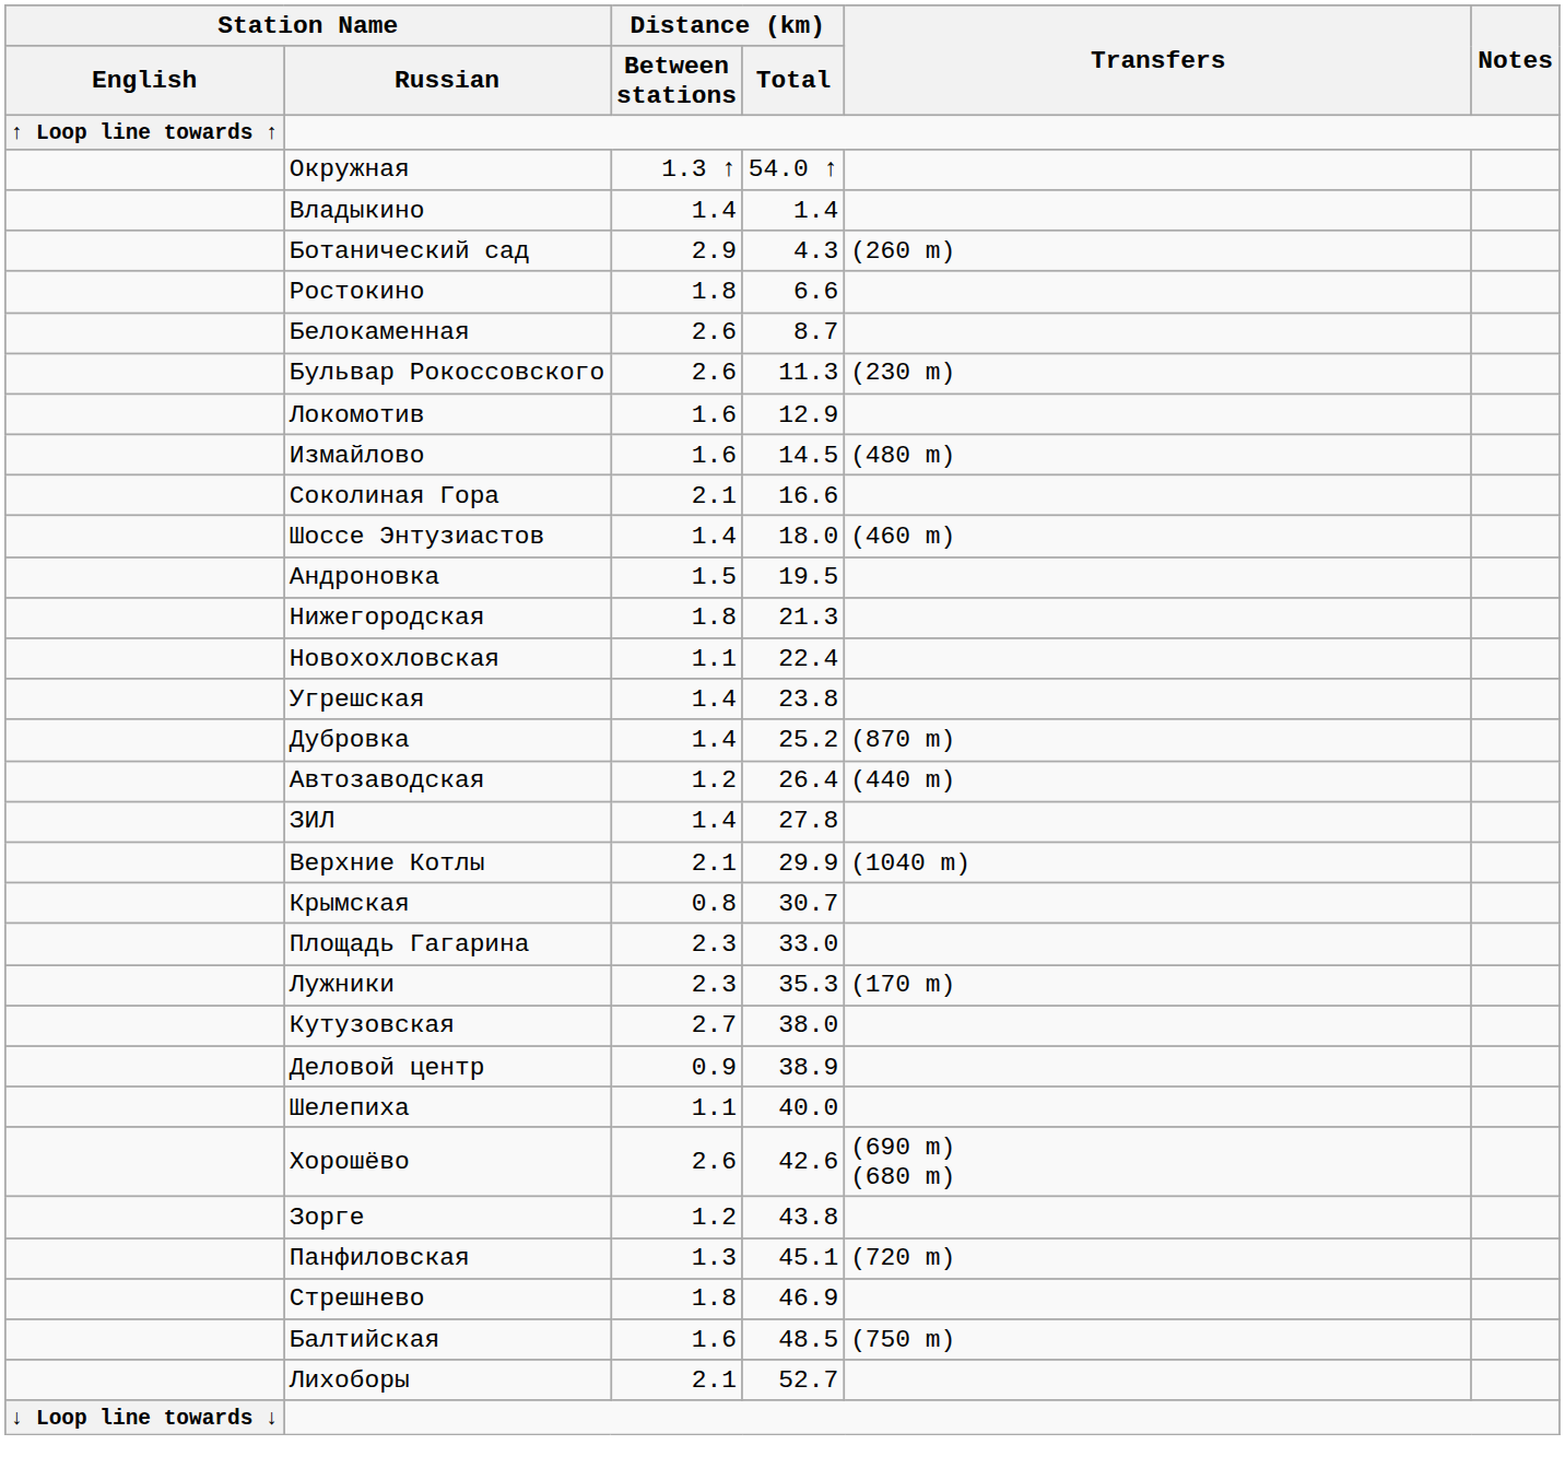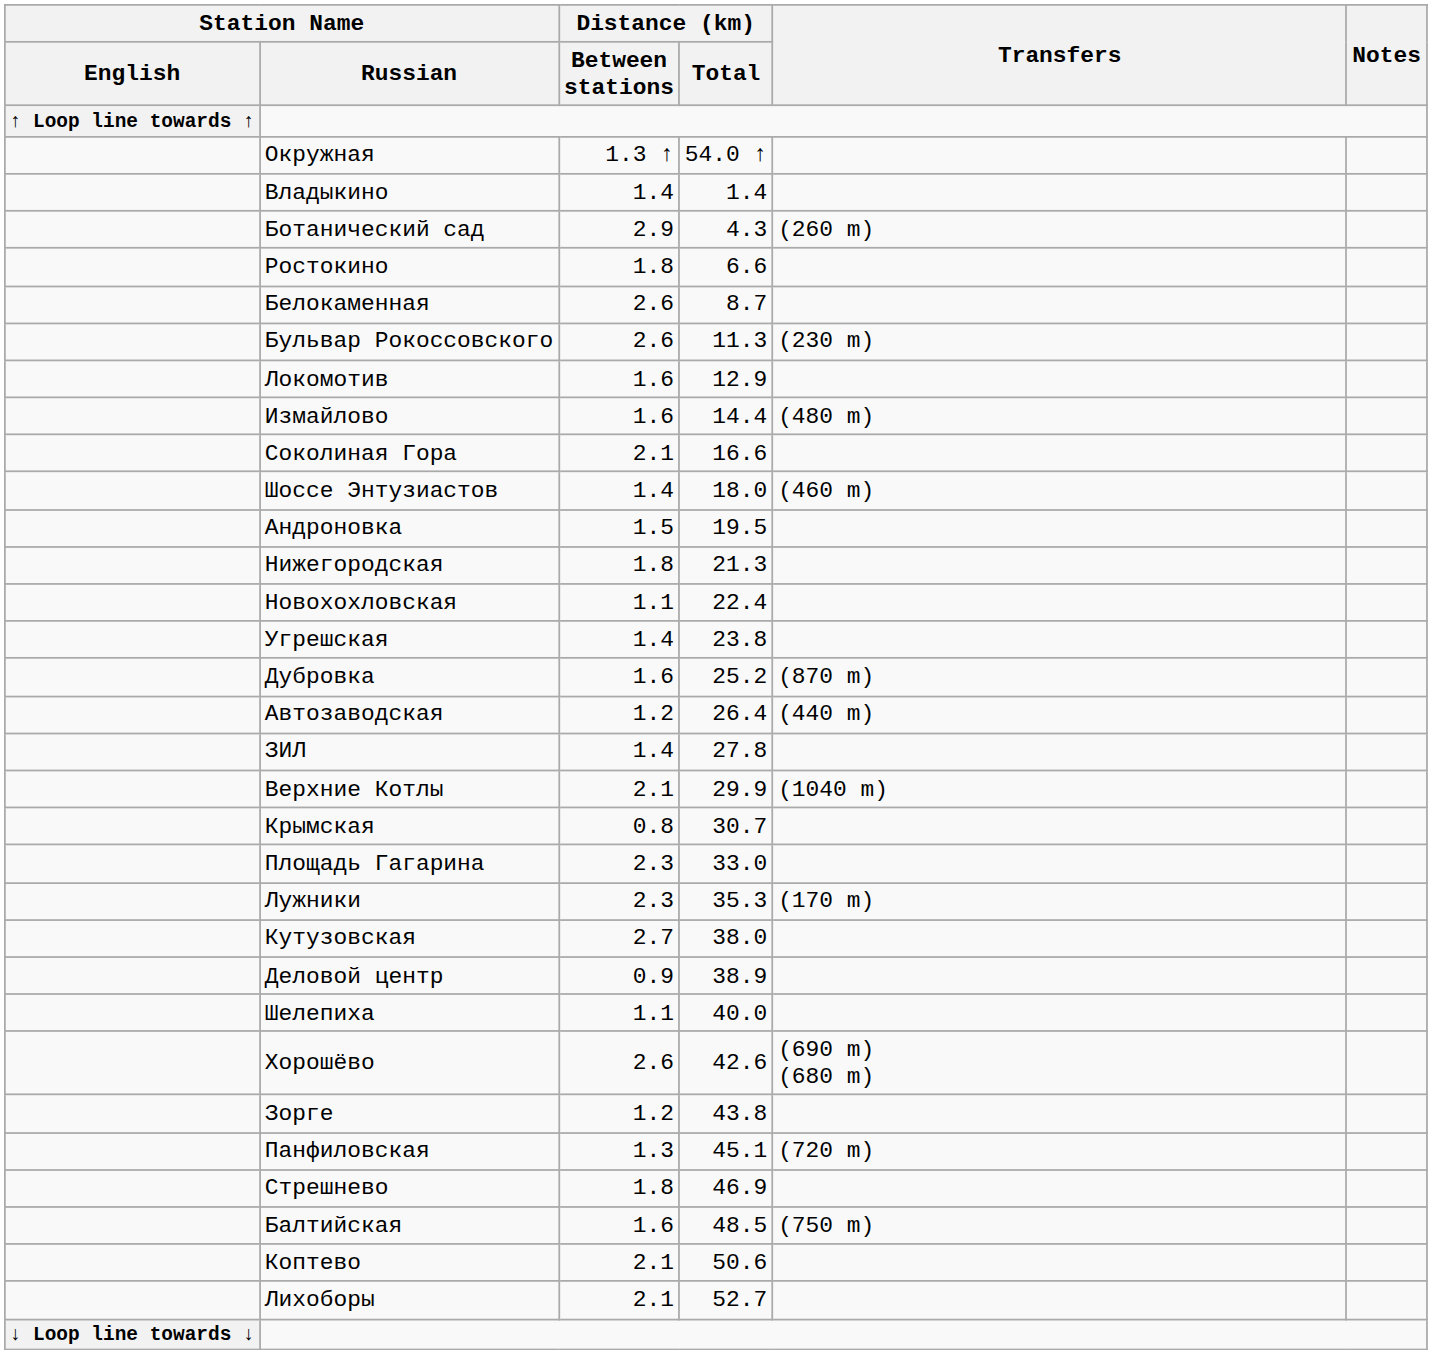 <table class="wikitable">
 <tr>
 <th colspan="2" style="min-width: 165px;">Station Name</th>
 <th colspan=2>Distance (km)</th>
 <th rowspan=2 style="min-width: 320px;">Transfers</th>
 <th rowspan=2 style="max-width: 470px;">Notes</th>
 </tr>
 <tr>
 <th>English</th>
 <th>Russian</th>
 <th>Between<br>stations</th>
 <th>Total</th>
 </tr>
 <tr>
 <th style="font-size:85%; border-top: 4pt #">↑ Loop line towards  ↑</th>
 </tr>
 <tr>
 <td></td>
 <td>Окружная</td>
 <td style="text-align: right;">1.3 ↑</td>
 <td style="text-align: right;">54.0 ↑</td>
 <td> <br> </td>
 <td></td>
 </tr>
 <tr>
 <td></td>
 <td>Владыкино</td>
 <td style="text-align: right;">1.4</td>
 <td style="text-align: right;">1.4</td>
 <td> </td>
 <td></td>
 </tr>
 <tr>
 <td></td>
 <td>Ботанический сад</td>
 <td style="text-align: right;">2.9</td>
 <td style="text-align: right;">4.3</td>
 <td> (260 m)</td>
 <td></td>
 </tr>
 <tr>
 <td></td>
 <td>Ростокино</td>
 <td style="text-align: right;">1.8</td>
 <td style="text-align: right;">6.6</td>
 <td></td>
 <td></td>
 </tr>
 <tr>
 <td></td>
 <td>Белокаменная</td>
 <td style="text-align: right;">2.6</td>
 <td style="text-align: right;">8.7</td>
 <td></td>
 <td></td>
 </tr>
 <tr>
 <td></td>
 <td>Бульвар Рокоссовского</td>
 <td style="text-align: right;">2.6</td>
 <td style="text-align: right;">11.3</td>
 <td> (230 m)</td>
 <td></td>
 </tr>
 <tr>
 <td></td>
 <td>Локомотив</td>
 <td style="text-align: right;">1.6</td>
 <td style="text-align: right;">12.9</td>
 <td> </td>
 <td></td>
 </tr>
 <tr>
 <td></td>
 <td>Измайлово</td>
 <td style="text-align: right;">1.6</td>
-<td style="text-align: right;">14.5</td>
+<td style="text-align: right;">14.4</td>
 <td> (480 m)</td>
 <td></td>
 </tr>
 <tr>
 <td></td>
 <td>Соколиная Гора</td>
 <td style="text-align: right;">2.1</td>
 <td style="text-align: right;">16.6</td>
 <td></td>
 <td></td>
 </tr>
 <tr>
 <td></td>
 <td>Шоссе Энтузиастов</td>
 <td style="text-align: right;">1.4</td>
 <td style="text-align: right;">18.0</td>
 <td> (460 m)</td>
 <td></td>
 </tr>
 <tr>
 <td></td>
 <td>Андроновка</td>
 <td style="text-align: right;">1.5</td>
 <td style="text-align: right;">19.5</td>
 <td></td>
 <td></td>
 </tr>
 <tr>
 <td></td>
 <td>Нижегородская</td>
 <td style="text-align: right;">1.8</td>
 <td style="text-align: right;">21.3</td>
 <td> <br>  </td>
 <td></td>
 </tr>
 <tr>
 <td></td>
 <td>Новохохловская</td>
 <td style="text-align: right;">1.1</td>
 <td style="text-align: right;">22.4</td>
 <td></td>
 <td></td>
 </tr>
 <tr>
 <td></td>
 <td>Угрешская</td>
 <td style="text-align: right;">1.4</td>
 <td style="text-align: right;">23.8</td>
 <td></td>
 <td></td>
 </tr>
 <tr>
 <td></td>
 <td>Дубровка</td>
-<td style="text-align: right;">1.4</td>
+<td style="text-align: right;">1.6</td>
 <td style="text-align: right;">25.2</td>
 <td> (870 m)</td>
 <td></td>
 </tr>
 <tr>
 <td></td>
 <td>Автозаводская</td>
 <td style="text-align: right;">1.2</td>
 <td style="text-align: right;">26.4</td>
 <td> (440 m)</td>
 <td></td>
 </tr>
 <tr>
 <td></td>
 <td>ЗИЛ</td>
 <td style="text-align: right;">1.4</td>
 <td style="text-align: right;">27.8</td>
 <td></td>
 <td></td>
 </tr>
 <tr>
 <td></td>
 <td>Верхние Котлы</td>
 <td style="text-align: right;">2.1</td>
 <td style="text-align: right;">29.9</td>
 <td> (1040 m)</td>
 <td></td>
 </tr>
 <tr>
 <td></td>
 <td>Крымская</td>
 <td style="text-align: right;">0.8</td>
 <td style="text-align: right;">30.7</td>
 <td></td>
 <td></td>
 </tr>
 <tr>
 <td></td>
 <td>Площадь Гагарина</td>
 <td style="text-align: right;">2.3</td>
 <td style="text-align: right;">33.0</td>
 <td> </td>
 <td></td>
 </tr>
 <tr>
 <td></td>
 <td>Лужники</td>
 <td style="text-align: right;">2.3</td>
 <td style="text-align: right;">35.3</td>
 <td> (170 m)</td>
 <td></td>
 </tr>
 <tr>
 <td></td>
 <td>Кутузовская</td>
 <td style="text-align: right;">2.7</td>
 <td style="text-align: right;">38.0</td>
 <td> <br> </td>
 <td></td>
 </tr>
 <tr>
 <td></td>
 <td>Деловой центр</td>
 <td style="text-align: right;">0.9</td>
 <td style="text-align: right;">38.9</td>
 <td><br> </td>
 <td></td>
 </tr>
 <tr>
 <td></td>
 <td>Шелепиха</td>
 <td style="text-align: right;">1.1</td>
 <td style="text-align: right;">40.0</td>
 <td>   </td>
 <td></td>
 </tr>
 <tr>
 <td></td>
 <td>Хорошёво</td>
 <td style="text-align: right;">2.6</td>
 <td style="text-align: right;">42.6</td>
 <td> (690 m)<br>  (680 m)</td>
 <td></td>
 </tr>
 <tr>
 <td></td>
 <td>Зорге</td>
 <td style="text-align: right;">1.2</td>
 <td style="text-align: right;">43.8</td>
 <td></td>
 <td></td>
 </tr>
 <tr>
 <td></td>
 <td>Панфиловская</td>
 <td style="text-align: right;">1.3</td>
 <td style="text-align: right;">45.1</td>
 <td> (720 m)</td>
 <td></td>
 </tr>
 <tr>
 <td></td>
 <td>Стрешнево</td>
 <td style="text-align: right;">1.8</td>
 <td style="text-align: right;">46.9</td>
 <td> </td>
 <td></td>
 </tr>
 <tr>
 <td></td>
 <td>Балтийская</td>
 <td style="text-align: right;">1.6</td>
 <td style="text-align: right;">48.5</td>
 <td> (750 m)</td>
 <td></td>
 </tr>
 <tr>
 <td></td>
+<td>Коптево</td>
+<td style="text-align: right;">2.1</td>
+<td style="text-align: right;">50.6</td>
+<td></td>
+<td></td>
+</tr>
+<tr>
+<td></td>
 <td>Лихоборы</td>
 <td style="text-align: right;">2.1</td>
 <td style="text-align: right;">52.7</td>
 <td> </td>
 <td></td>
 </tr>
 <tr>
 <th style="font-size:85%; border-top: 4pt #">↓ Loop line towards  ↓</th>
 </tr>
 </table>
